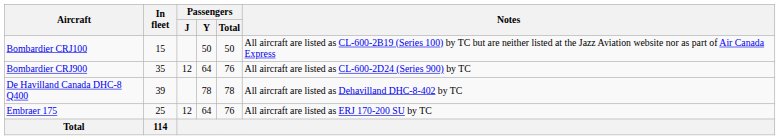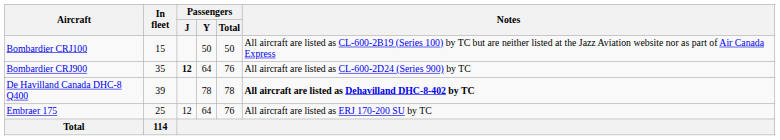 <table class="wikitable" style="margin:auto;text-align:center">
 <tr>
 <th rowspan="2">Aircraft</th>
 <th rowspan="2">In fleet</th>
 <th colspan="3">Passengers</th>
 <th rowspan="2">Notes</th>
 </tr>
 <tr>
 <th style="width:25px;"><abbr>J</abbr></th>
 <th style="width:25px;"><abbr>Y</abbr></th>
 <th style="width:25px;">Total</th>
 </tr>
 <tr>
 <td align=left><a href='#'>Bombardier CRJ100</a></td>
 <td>15</td>
 <td></td>
 <td>50</td>
 <td>50</td>
 <td align=left>All aircraft are listed as <a href='#'>CL-600-2B19 (Series 100)</a> by TC but are neither listed at the Jazz Aviation website nor as part of <a href='#'>Air Canada Express</a></td>
 </tr>
 <tr>
 <td align=left><a href='#'>Bombardier CRJ900</a></td>
 <td>35</td>
-<td>12</td>
+<td><strong>12</strong></td>
 <td>64</td>
 <td>76</td>
 <td align=left>All aircraft are listed as <a href='#'>CL-600-2D24 (Series 900)</a> by TC</td>
 </tr>
 <tr>
 <td align=left><a href='#'>De Havilland Canada DHC-8 Q400</a></td>
 <td>39</td>
 <td></td>
 <td>78</td>
 <td>78</td>
-<td align=left>All aircraft are listed as <a href='#'>Dehavilland DHC-8-402</a> by TC</td>
+<td align=left><strong>All aircraft are listed as <a href='#'>Dehavilland DHC-8-402</a> by TC</strong></td>
 </tr>
 <tr>
 <td align=left><a href='#'>Embraer 175</a></td>
 <td>25</td>
 <td>12</td>
 <td>64</td>
 <td>76</td>
 <td align=left>All aircraft are listed as <a href='#'>ERJ 170-200 SU</a> by TC</td>
 </tr>
 <tr>
 <th>Total</th>
 <th>114</th>
 <th colspan=5></th>
 </tr>
 </table>
